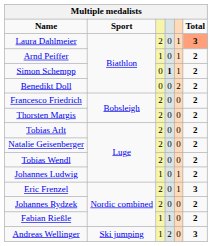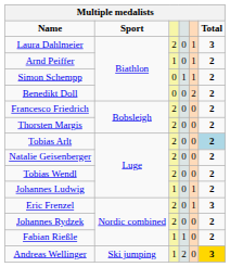 <table class="wikitable" style="font-size:85%; float:right; clear:right; min-width:308px; margin-left:1em">
 <tr style="background:#efefef;">
 <th colspan=7>Multiple medalists</th>
 </tr>
 <tr align=center>
 <td><strong>Name</strong></td>
 <td><strong>Sport</strong></td>
 <td style="background:#f7f6a8;"></td>
 <td style="background:#dce5e5;"></td>
 <td style="background:#ffdab9;"></td>
 <td><strong>Total</strong></td>
 </tr>
 <tr align=center>
 <td><a href='#'>Laura Dahlmeier</a></td>
 <td rowspan=4><a href='#'>Biathlon</a></td>
 <td style="background:#f7f6a8;">2</td>
 <td style="background:#dce5e5;">0</td>
 <td style="background:#ffdab9;">1</td>
-<td style="background: lightsalmon;"><strong>3</strong></td>
+<td><strong>3</strong></td>
 </tr>
 <tr align=center>
 <td><a href='#'>Arnd Peiffer</a></td>
 <td style="background:#f7f6a8;">1</td>
 <td style="background:#dce5e5;">0</td>
 <td style="background:#ffdab9;">1</td>
 <td><strong>2</strong></td>
 </tr>
 <tr align=center>
 <td><a href='#'>Simon Schempp</a></td>
 <td style="background:#f7f6a8;">0</td>
-<td style="background:#dce5e5;"><strong>1</strong></td>
+<td style="background:#dce5e5;">1</td>
 <td style="background:#ffdab9;">1</td>
 <td><strong>2</strong></td>
 </tr>
 <tr align=center>
 <td><a href='#'>Benedikt Doll</a></td>
 <td style="background:#f7f6a8;">0</td>
 <td style="background:#dce5e5;">0</td>
 <td style="background:#ffdab9;">2</td>
 <td><strong>2</strong></td>
 </tr>
 <tr align=center>
 <td><a href='#'>Francesco Friedrich</a></td>
 <td rowspan=2><a href='#'>Bobsleigh</a></td>
 <td style="background:#f7f6a8;">2</td>
 <td style="background:#dce5e5;">0</td>
 <td style="background:#ffdab9;">0</td>
 <td><strong>2</strong></td>
 </tr>
 <tr align=center>
 <td><a href='#'>Thorsten Margis</a></td>
 <td style="background:#f7f6a8;">2</td>
 <td style="background:#dce5e5;">0</td>
 <td style="background:#ffdab9;">0</td>
 <td><strong>2</strong></td>
 </tr>
 <tr align=center>
 <td><a href='#'>Tobias Arlt</a></td>
 <td rowspan=4><a href='#'>Luge</a></td>
 <td style="background:#f7f6a8;">2</td>
 <td style="background:#dce5e5;">0</td>
 <td style="background:#ffdab9;">0</td>
-<td><strong>2</strong></td>
+<td style="background: lightblue;"><strong>2</strong></td>
 </tr>
 <tr align=center>
 <td><a href='#'>Natalie Geisenberger</a></td>
 <td style="background:#f7f6a8;">2</td>
 <td style="background:#dce5e5;">0</td>
 <td style="background:#ffdab9;">0</td>
 <td><strong>2</strong></td>
 </tr>
 <tr align=center>
 <td><a href='#'>Tobias Wendl</a></td>
 <td style="background:#f7f6a8;">2</td>
 <td style="background:#dce5e5;">0</td>
 <td style="background:#ffdab9;">0</td>
 <td><strong>2</strong></td>
 </tr>
 <tr align=center>
 <td><a href='#'>Johannes Ludwig</a></td>
 <td style="background:#f7f6a8;">1</td>
 <td style="background:#dce5e5;">0</td>
 <td style="background:#ffdab9;">1</td>
 <td><strong>2</strong></td>
 </tr>
 <tr align=center>
 <td><a href='#'>Eric Frenzel</a></td>
 <td rowspan=3><a href='#'>Nordic combined</a></td>
 <td style="background:#f7f6a8;">2</td>
 <td style="background:#dce5e5;">0</td>
 <td style="background:#ffdab9;">1</td>
 <td><strong>3</strong></td>
 </tr>
 <tr align=center>
 <td><a href='#'>Johannes Rydzek</a></td>
 <td style="background:#f7f6a8;">2</td>
 <td style="background:#dce5e5;">0</td>
 <td style="background:#ffdab9;">0</td>
 <td><strong>2</strong></td>
 </tr>
 <tr align=center>
 <td><a href='#'>Fabian Rießle</a></td>
 <td style="background:#f7f6a8;">1</td>
 <td style="background:#dce5e5;">1</td>
 <td style="background:#ffdab9;">0</td>
 <td><strong>2</strong></td>
 </tr>
 <tr align=center>
 <td><a href='#'>Andreas Wellinger</a></td>
 <td><a href='#'>Ski jumping</a></td>
 <td style="background:#f7f6a8;">1</td>
 <td style="background:#dce5e5;">2</td>
 <td style="background:#ffdab9;">0</td>
-<td><strong>3</strong></td>
+<td style="background: gold;"><strong>3</strong></td>
 </tr>
 </table>
